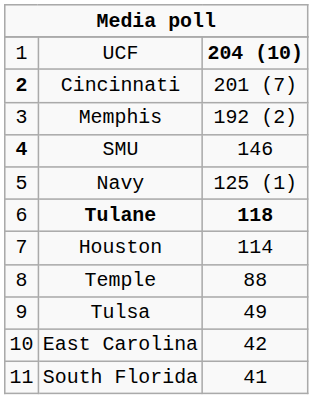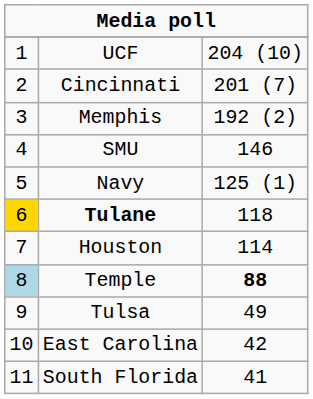 <table class="wikitable">
 <tr align="center">
 <td align="center" Colspan="3"><strong>Media poll</strong></td>
 </tr>
 <tr align="center">
 </tr>
 <tr align="center">
 <td>1</td>
 <td>UCF</td>
-<td><strong>204 (10)</strong></td>
+<td>204 (10)</td>
 </tr>
 <tr align="center">
-<td><strong>2</strong></td>
+<td>2</td>
 <td>Cincinnati</td>
 <td>201 (7)</td>
 </tr>
 <tr align="center">
 <td>3</td>
 <td>Memphis</td>
 <td>192 (2)</td>
 </tr>
 <tr align="center">
-<td><strong>4</strong></td>
+<td>4</td>
 <td>SMU</td>
 <td>146</td>
 </tr>
 <tr align="center">
 <td>5</td>
 <td>Navy</td>
 <td>125 (1)</td>
 </tr>
 <tr align="center">
-<td>6</td>
+<td style="background: gold;">6</td>
 <td><strong>Tulane</strong></td>
-<td><strong>118</strong></td>
+<td>118</td>
 </tr>
 <tr align="center">
 <td>7</td>
 <td>Houston</td>
 <td>114</td>
 </tr>
 <tr align="center">
-<td>8</td>
+<td style="background: lightblue;">8</td>
 <td>Temple</td>
-<td>88</td>
+<td><strong>88</strong></td>
 </tr>
 <tr align="center">
 <td>9</td>
 <td>Tulsa</td>
 <td>49</td>
 </tr>
 <tr align="center">
 <td>10</td>
 <td>East Carolina</td>
 <td>42</td>
 </tr>
 <tr align="center">
 <td>11</td>
 <td>South Florida</td>
 <td>41</td>
 </tr>
 </table>
